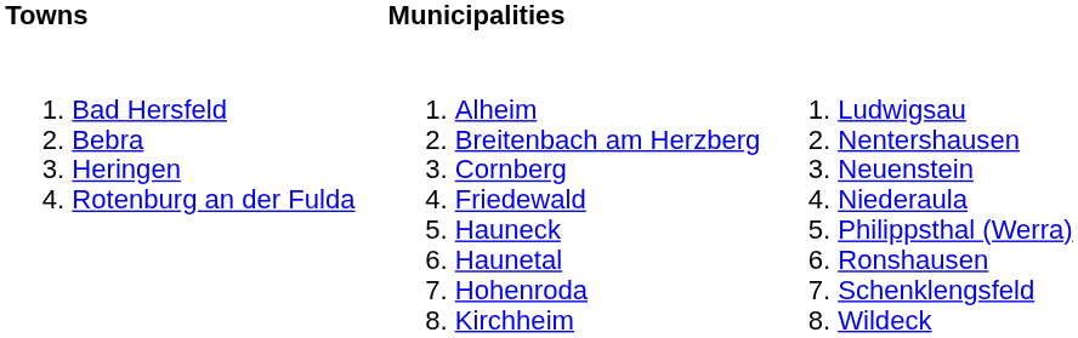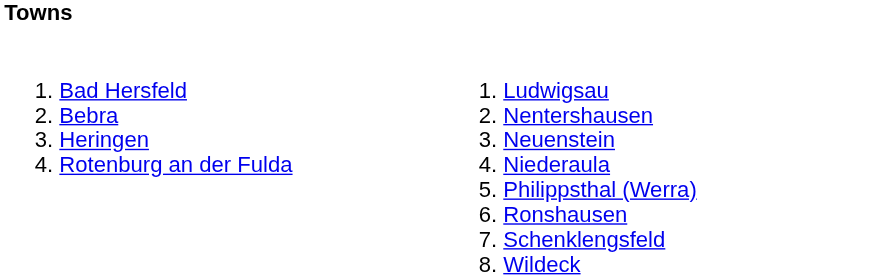 <table>
 <tr>
 <th width=33% align=left>Towns</th>
-<th width=33% align=left>Municipalities</th>
 <th width=33% align=left></th>
 </tr>
 <tr valign=top>
 <td><br><ol><li><a href='#'>Bad Hersfeld</a></li><li><a href='#'>Bebra</a></li><li><a href='#'>Heringen</a></li><li><a href='#'>Rotenburg an der Fulda</a></li></ol></td>
-<td><br><ol><li><a href='#'>Alheim</a></li><li><a href='#'>Breitenbach am Herzberg</a></li><li><a href='#'>Cornberg</a></li><li><a href='#'>Friedewald</a></li><li><a href='#'>Hauneck</a></li><li><a href='#'>Haunetal</a></li><li><a href='#'>Hohenroda</a></li><li><a href='#'>Kirchheim</a></li></ol></td>
 <td><br><ol> <li> <a href='#'>Ludwigsau</a> <li> <a href='#'>Nentershausen</a> <li> <a href='#'>Neuenstein</a> <li> <a href='#'>Niederaula</a> <li> <a href='#'>Philippsthal (Werra)</a> <li> <a href='#'>Ronshausen</a> <li> <a href='#'>Schenklengsfeld</a> <li> <a href='#'>Wildeck</a> </ol></td>
 </tr>
 </table>
